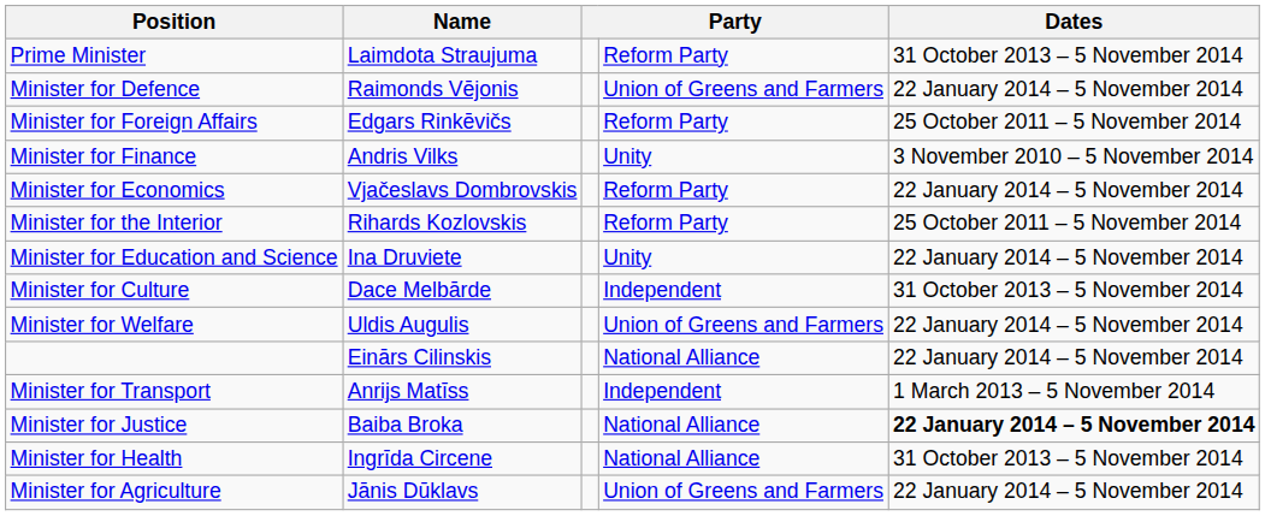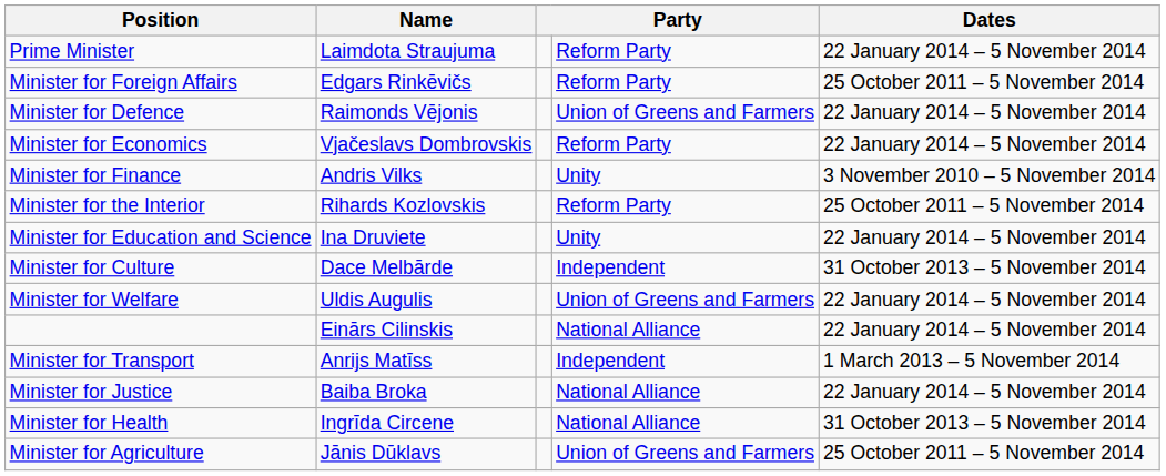 <table class="wikitable">
 <tr>
 <th>Position</th>
 <th>Name</th>
 <th colspan=2>Party</th>
 <th>Dates</th>
 </tr>
 <tr>
 <td><a href='#'>Prime Minister</a></td>
 <td><a href='#'>Laimdota Straujuma</a></td>
 <td width=5px style="background-color: "></td>
 <td><a href='#'>Reform Party</a></td>
-<td>31 October 2013 – 5 November 2014</td>
-</tr>
-<tr>
-<td><a href='#'>Minister for Defence</a></td>
-<td><a href='#'>Raimonds Vējonis</a></td>
-<td style="background-color: "></td>
-<td><a href='#'>Union of Greens and Farmers</a></td>
 <td>22 January 2014 – 5 November 2014</td>
 </tr>
 <tr>
 <td><a href='#'>Minister for Foreign Affairs</a></td>
 <td><a href='#'>Edgars Rinkēvičs</a></td>
 <td style="background-color: "></td>
 <td><a href='#'>Reform Party</a></td>
 <td>25 October 2011 – 5 November 2014</td>
 </tr>
 <tr>
-<td><a href='#'>Minister for Finance</a></td>
-<td><a href='#'>Andris Vilks</a></td>
+<td><a href='#'>Minister for Defence</a></td>
+<td><a href='#'>Raimonds Vējonis</a></td>
 <td style="background-color: "></td>
-<td><a href='#'>Unity</a></td>
-<td>3 November 2010 – 5 November 2014</td>
+<td><a href='#'>Union of Greens and Farmers</a></td>
+<td>22 January 2014 – 5 November 2014</td>
 </tr>
 <tr>
 <td><a href='#'>Minister for Economics</a></td>
 <td><a href='#'>Vjačeslavs Dombrovskis</a></td>
 <td style="background-color: "></td>
 <td><a href='#'>Reform Party</a></td>
 <td>22 January 2014 – 5 November 2014</td>
+</tr>
+<tr>
+<td><a href='#'>Minister for Finance</a></td>
+<td><a href='#'>Andris Vilks</a></td>
+<td style="background-color: "></td>
+<td><a href='#'>Unity</a></td>
+<td>3 November 2010 – 5 November 2014</td>
 </tr>
 <tr>
 <td><a href='#'>Minister for the Interior</a></td>
 <td><a href='#'>Rihards Kozlovskis</a></td>
 <td style="background-color: "></td>
 <td><a href='#'>Reform Party</a></td>
 <td>25 October 2011 – 5 November 2014</td>
 </tr>
 <tr>
 <td><a href='#'>Minister for Education and Science</a></td>
 <td><a href='#'>Ina Druviete</a></td>
 <td style="background-color: "></td>
 <td><a href='#'>Unity</a></td>
 <td>22 January 2014 – 5 November 2014</td>
 </tr>
 <tr>
 <td><a href='#'>Minister for Culture</a></td>
 <td><a href='#'>Dace Melbārde</a></td>
 <td style="background-color: "></td>
 <td><a href='#'>Independent</a></td>
 <td>31 October 2013 – 5 November 2014</td>
 </tr>
 <tr>
 <td><a href='#'>Minister for Welfare</a></td>
 <td><a href='#'>Uldis Augulis</a></td>
 <td style="background-color: "></td>
 <td><a href='#'>Union of Greens and Farmers</a></td>
 <td>22 January 2014 – 5 November 2014</td>
 </tr>
 <tr>
 <td></td>
 <td><a href='#'>Einārs Cilinskis</a></td>
 <td style="background-color: "></td>
 <td><a href='#'>National Alliance</a></td>
 <td>22 January 2014 – 5 November 2014</td>
 </tr>
 <tr>
 <td><a href='#'>Minister for Transport</a></td>
 <td><a href='#'>Anrijs Matīss</a></td>
 <td style="background-color: "></td>
 <td><a href='#'>Independent</a></td>
 <td>1 March 2013 – 5 November 2014</td>
 </tr>
 <tr>
 <td><a href='#'>Minister for Justice</a></td>
 <td><a href='#'>Baiba Broka</a></td>
 <td style="background-color: "></td>
 <td><a href='#'>National Alliance</a></td>
-<td><strong>22 January 2014 – 5 November 2014</strong></td>
+<td>22 January 2014 – 5 November 2014</td>
 </tr>
 <tr>
 <td><a href='#'>Minister for Health</a></td>
 <td><a href='#'>Ingrīda Circene</a></td>
 <td style="background-color: "></td>
 <td><a href='#'>National Alliance</a></td>
 <td>31 October 2013 – 5 November 2014</td>
 </tr>
 <tr>
 <td><a href='#'>Minister for Agriculture</a></td>
 <td><a href='#'>Jānis Dūklavs</a></td>
 <td style="background-color: "></td>
 <td><a href='#'>Union of Greens and Farmers</a></td>
-<td>22 January 2014 – 5 November 2014</td>
+<td>25 October 2011 – 5 November 2014</td>
 </tr>
 </table>
